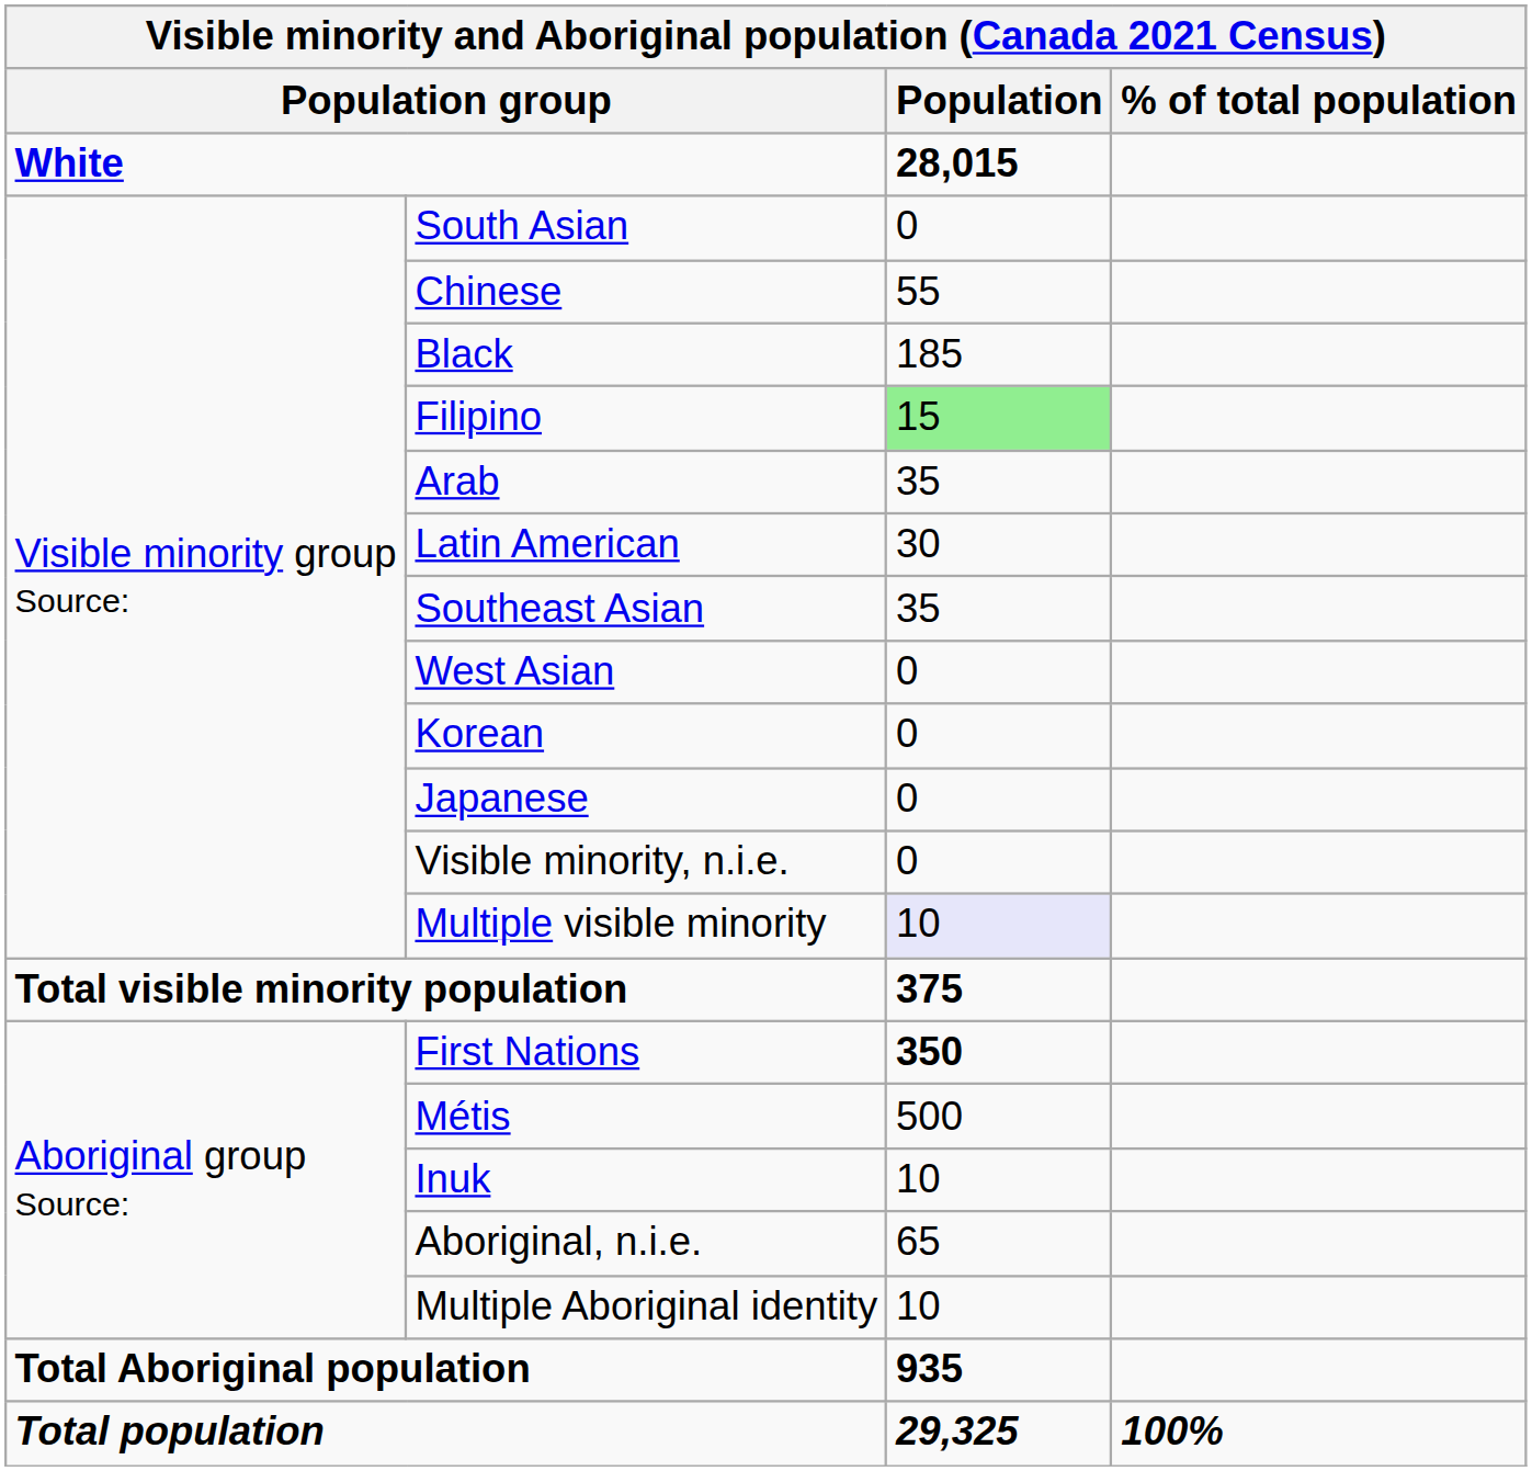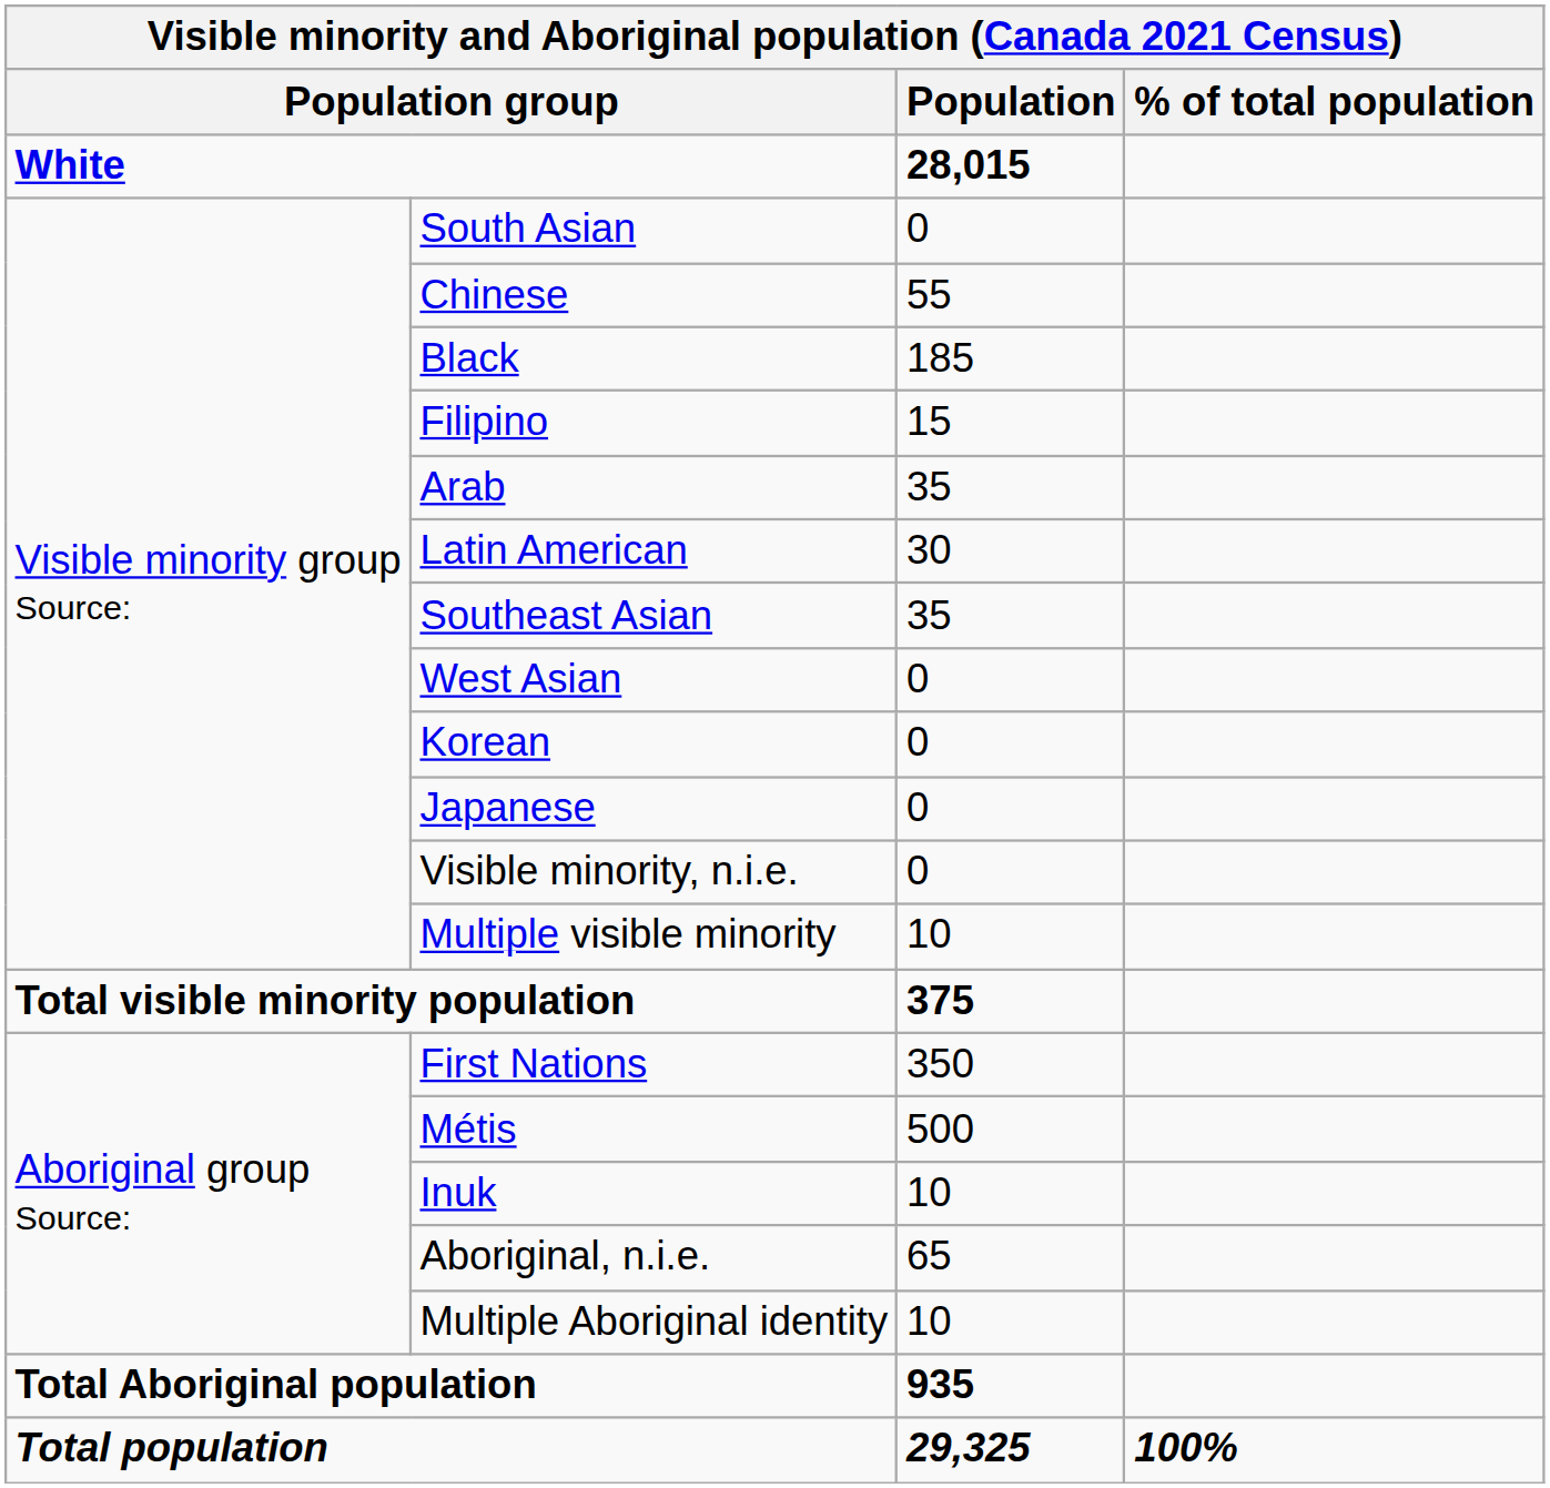 <table class="wikitable">
 <tr>
 <th colspan=4>Visible minority and Aboriginal population (<a href='#'>Canada 2021 Census</a>)</th>
 </tr>
 <tr>
 <th colspan="2">Population group</th>
 <th>Population</th>
 <th>% of total population</th>
 </tr>
 <tr>
 <td colspan="2"><strong><a href='#'>White</a></strong></td>
 <td><strong>28,015</strong></td>
 <td><strong></strong></td>
 </tr>
 <tr>
 <td rowspan="12"><a href='#'>Visible minority</a> group<br><small>Source:</small></td>
 <td><a href='#'>South Asian</a></td>
 <td>0</td>
 <td></td>
 </tr>
 <tr>
 <td><a href='#'>Chinese</a></td>
 <td>55</td>
 <td></td>
 </tr>
 <tr>
 <td><a href='#'>Black</a></td>
 <td>185</td>
 <td></td>
 </tr>
 <tr>
 <td><a href='#'>Filipino</a></td>
-<td style="background: lightgreen;">15</td>
+<td>15</td>
 <td></td>
 </tr>
 <tr>
 <td><a href='#'>Arab</a></td>
 <td>35</td>
 <td></td>
 </tr>
 <tr>
 <td><a href='#'>Latin American</a></td>
 <td>30</td>
 <td></td>
 </tr>
 <tr>
 <td><a href='#'>Southeast Asian</a></td>
 <td>35</td>
 <td></td>
 </tr>
 <tr>
 <td><a href='#'>West Asian</a></td>
 <td>0</td>
 <td></td>
 </tr>
 <tr>
 <td><a href='#'>Korean</a></td>
 <td>0</td>
 <td></td>
 </tr>
 <tr>
 <td><a href='#'>Japanese</a></td>
 <td>0</td>
 <td></td>
 </tr>
 <tr>
 <td>Visible minority, n.i.e.</td>
 <td>0</td>
 <td></td>
 </tr>
 <tr>
 <td><a href='#'>Multiple</a> visible minority</td>
-<td style="background: lavender;">10</td>
+<td>10</td>
 <td></td>
 </tr>
 <tr>
 <td colspan="2"><strong>Total visible minority population</strong></td>
 <td><strong>375</strong></td>
 <td><strong></strong></td>
 </tr>
 <tr>
 <td rowspan="5"><a href='#'>Aboriginal</a> group<br><small>Source:</small></td>
 <td><a href='#'>First Nations</a></td>
-<td><strong>350</strong></td>
+<td>350</td>
 <td></td>
 </tr>
 <tr>
 <td><a href='#'>Métis</a></td>
 <td>500</td>
 <td></td>
 </tr>
 <tr>
 <td><a href='#'>Inuk</a></td>
 <td>10</td>
 <td></td>
 </tr>
 <tr>
 <td>Aboriginal, n.i.e.</td>
 <td>65</td>
 <td></td>
 </tr>
 <tr>
 <td>Multiple Aboriginal identity</td>
 <td>10</td>
 <td></td>
 </tr>
 <tr>
 <td colspan="2"><strong>Total Aboriginal population</strong></td>
 <td><strong>935</strong></td>
 <td><strong></strong></td>
 </tr>
 <tr>
 <td colspan="2"><strong><em>Total population</em></strong></td>
 <td><strong><em>29,325</em></strong></td>
 <td><strong><em>100%</em></strong></td>
 </tr>
 </table>
